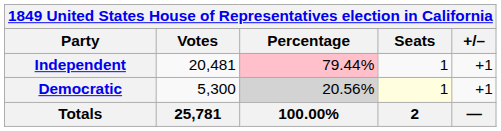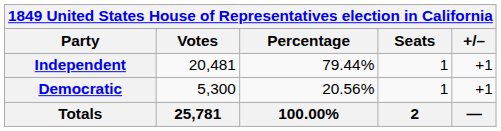 <table class=wikitable>
 <tr>
 <th colspan=6><a href='#'>1849 United States House of Representatives election in California</a></th>
 </tr>
 <tr>
 <th>Party</th>
 <th>Votes</th>
 <th>Percentage</th>
 <th>Seats</th>
 <th>+/–</th>
 </tr>
 <tr>
 <th><a href='#'>Independent</a></th>
 <td align=right>20,481</td>
-<td align=right style="background: pink;">79.44%</td>
+<td align=right>79.44%</td>
 <td align=right>1</td>
 <td align=right>+1</td>
 </tr>
 <tr>
 <th><a href='#'>Democratic</a></th>
 <td align=right>5,300</td>
-<td align=right style="background: lightgrey;">20.56%</td>
-<td align=right style="background: lightyellow;">1</td>
+<td align=right>20.56%</td>
+<td align=right>1</td>
 <td align=right>+1</td>
 </tr>
 <tr>
 <th>Totals</th>
 <th>25,781</th>
 <th>100.00%</th>
 <th>2</th>
 <th>—</th>
 </tr>
 </table>
